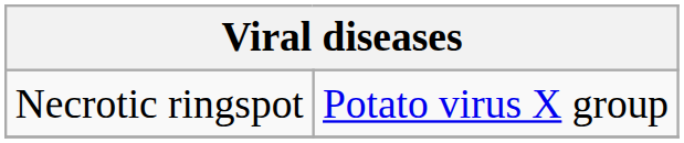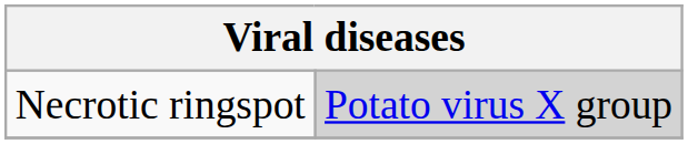 <table class="wikitable" style="clear">
 <tr>
 <th colspan=2><strong>Viral diseases</strong><br></th>
 </tr>
 <tr>
 <td>Necrotic ringspot</td>
-<td><a href='#'>Potato virus X</a> group</td>
+<td style="background: lightgrey;"><a href='#'>Potato virus X</a> group</td>
 </tr>
 <tr>
 </tr>
 </table>
